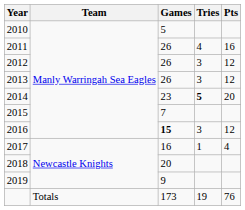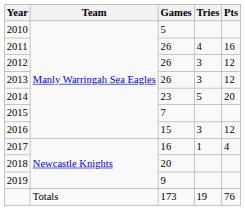 <table class="wikitable">
 <tr>
 <th>Year</th>
 <th>Team</th>
 <th>Games</th>
 <th>Tries</th>
 <th>Pts</th>
 </tr>
 <tr>
 <td>2010</td>
 <td rowspan="7"> <a href='#'>Manly Warringah Sea Eagles</a></td>
 <td>5</td>
 <td></td>
 <td></td>
 </tr>
 <tr>
 <td>2011</td>
 <td>26</td>
 <td>4</td>
 <td>16</td>
 </tr>
 <tr>
 <td>2012</td>
 <td>26</td>
 <td>3</td>
 <td>12</td>
 </tr>
 <tr>
 <td>2013</td>
 <td>26</td>
 <td>3</td>
 <td>12</td>
 </tr>
 <tr>
 <td>2014</td>
 <td>23</td>
-<td><strong>5</strong></td>
+<td>5</td>
 <td>20</td>
 </tr>
 <tr>
 <td>2015</td>
 <td>7</td>
 <td></td>
 <td></td>
 </tr>
 <tr>
 <td>2016</td>
-<td><strong>15</strong></td>
+<td>15</td>
 <td>3</td>
 <td>12</td>
 </tr>
 <tr>
 <td>2017</td>
 <td rowspan="3"> <a href='#'>Newcastle Knights</a></td>
 <td>16</td>
 <td>1</td>
 <td>4</td>
 </tr>
 <tr>
 <td>2018</td>
 <td>20</td>
 <td></td>
 <td></td>
 </tr>
 <tr>
 <td>2019</td>
 <td>9</td>
 <td></td>
 <td></td>
 </tr>
 <tr>
 <td></td>
 <td>Totals</td>
 <td>173</td>
 <td>19</td>
 <td>76</td>
 </tr>
 </table>
